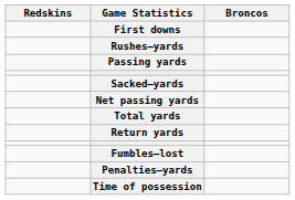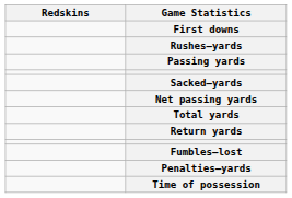 <table class="wikitable" style="margin: 1em auto 1em auto">
 <tr>
 <th style="width:30%;">Redskins</th>
 <th style="width:40%;">Game Statistics</th>
-<th style="width:30%;">Broncos</th>
 </tr>
 <tr>
 <td style="text-align:right;"></td>
 <th>First downs</th>
-<td></td>
 </tr>
 <tr>
 <td style="text-align:right;"></td>
 <th>Rushes–yards</th>
-<td></td>
 </tr>
 <tr>
 <td style="text-align:right;"></td>
 <th>Passing yards</th>
-<td></td>
 </tr>
 <tr>
 <td style="text-align:right;"></td>
 <th></th>
-<td></td>
 </tr>
 <tr>
 <td style="text-align:right;"></td>
 <th>Sacked–yards</th>
-<td></td>
 </tr>
 <tr>
 <td style="text-align:right;"></td>
 <th>Net passing yards</th>
-<td></td>
 </tr>
 <tr>
 <td style="text-align:right;"></td>
 <th>Total yards</th>
-<td></td>
 </tr>
 <tr>
 <td style="text-align:right;"></td>
 <th>Return yards</th>
-<td></td>
 </tr>
 <tr>
 <td style="text-align:right;"></td>
 <th></th>
-<td></td>
 </tr>
 <tr>
 <td style="text-align:right;"></td>
 <th>Fumbles–lost</th>
-<td></td>
 </tr>
 <tr>
 <td style="text-align:right;"></td>
 <th>Penalties–yards</th>
-<td></td>
 </tr>
 <tr>
 <td style="text-align:right;"></td>
 <th>Time of possession</th>
-<td></td>
 </tr>
 </table>
